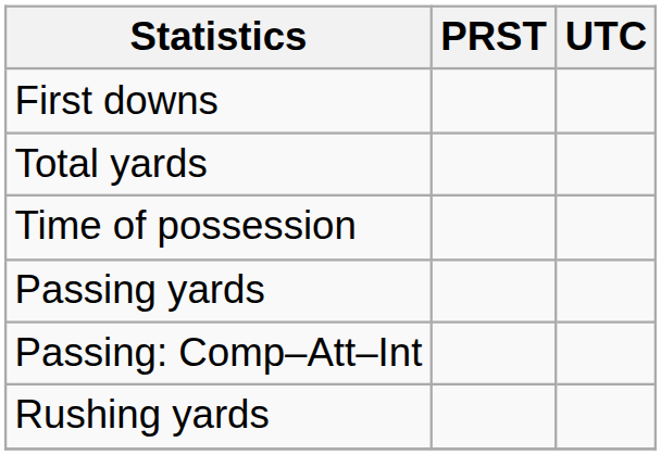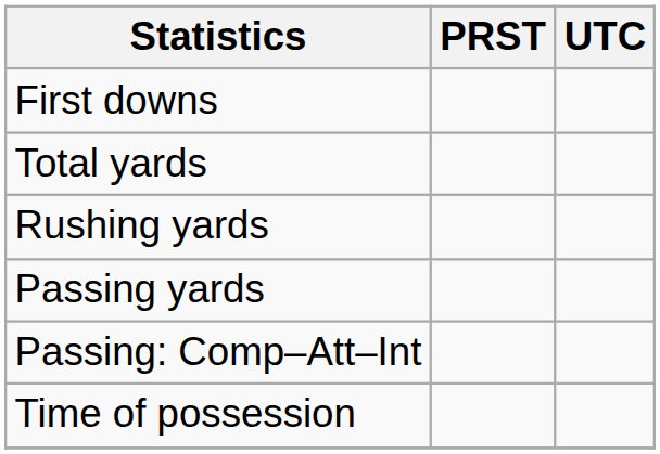 <table class="wikitable" style="float: left;">
 <tr>
 <th>Statistics</th>
 <th>PRST</th>
 <th>UTC</th>
 </tr>
 <tr>
 <td>First downs</td>
 <td></td>
 <td></td>
 </tr>
 <tr>
 <td>Total yards</td>
 <td></td>
 <td></td>
 </tr>
 <tr>
-<td>Time of possession</td>
+<td>Rushing yards</td>
 <td></td>
 <td></td>
 </tr>
 <tr>
 <td>Passing yards</td>
 <td></td>
 <td></td>
 </tr>
 <tr>
 <td>Passing: Comp–Att–Int</td>
 <td></td>
 <td></td>
 </tr>
 <tr>
-<td>Rushing yards</td>
+<td>Time of possession</td>
 <td></td>
 <td></td>
 </tr>
 <tr>
 </tr>
 </table>
